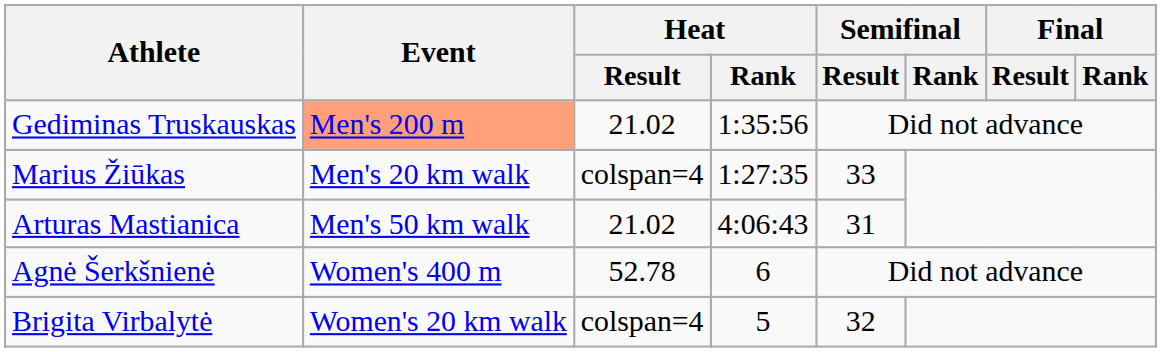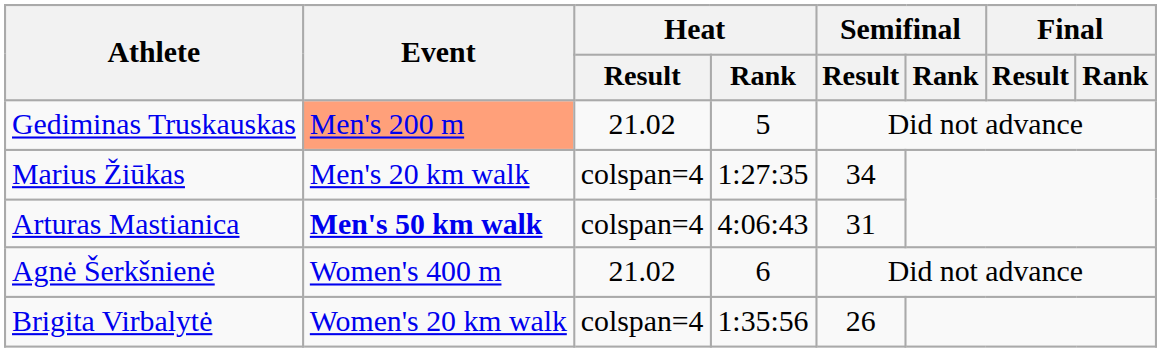 <table class="wikitable" style="font-size:90%">
 <tr>
 <th rowspan=2>Athlete</th>
 <th rowspan=2>Event</th>
 <th colspan=2>Heat</th>
 <th colspan=2>Semifinal</th>
 <th colspan=2>Final</th>
 </tr>
 <tr style="font-size:95%">
 <th>Result</th>
 <th>Rank</th>
 <th>Result</th>
 <th>Rank</th>
 <th>Result</th>
 <th>Rank</th>
 </tr>
 <tr align="center">
 <td align="left"><a href='#'>Gediminas Truskauskas</a></td>
 <td align="left" style="background: lightsalmon;"><a href='#'>Men's 200 m</a></td>
 <td>21.02</td>
-<td>1:35:56</td>
+<td>5</td>
 <td colspan="4">Did not advance</td>
 </tr>
 <tr align="center">
 <td align="left"><a href='#'>Marius Žiūkas</a></td>
 <td align="left"><a href='#'>Men's 20 km walk</a></td>
 <td>colspan=4 </td>
 <td>1:27:35</td>
-<td>33</td>
+<td>34</td>
 </tr>
 <tr align=center>
 <td align=left><a href='#'>Arturas Mastianica</a></td>
-<td align=left><a href='#'>Men's 50 km walk</a></td>
-<td>21.02</td>
+<td align=left><strong><a href='#'>Men's 50 km walk</a></strong></td>
+<td>colspan=4 </td>
 <td>4:06:43</td>
 <td>31</td>
 </tr>
 <tr align=center>
 <td align=left><a href='#'>Agnė Šerkšnienė</a></td>
 <td align=left><a href='#'>Women's 400 m</a></td>
-<td>52.78</td>
+<td>21.02</td>
 <td>6</td>
 <td colspan=4>Did not advance</td>
 </tr>
 <tr align="center">
 <td align="left"><a href='#'>Brigita Virbalytė</a></td>
 <td align="left"><a href='#'>Women's 20 km walk</a></td>
 <td>colspan=4 </td>
-<td>5</td>
-<td>32</td>
+<td>1:35:56</td>
+<td>26</td>
 </tr>
 </table>
